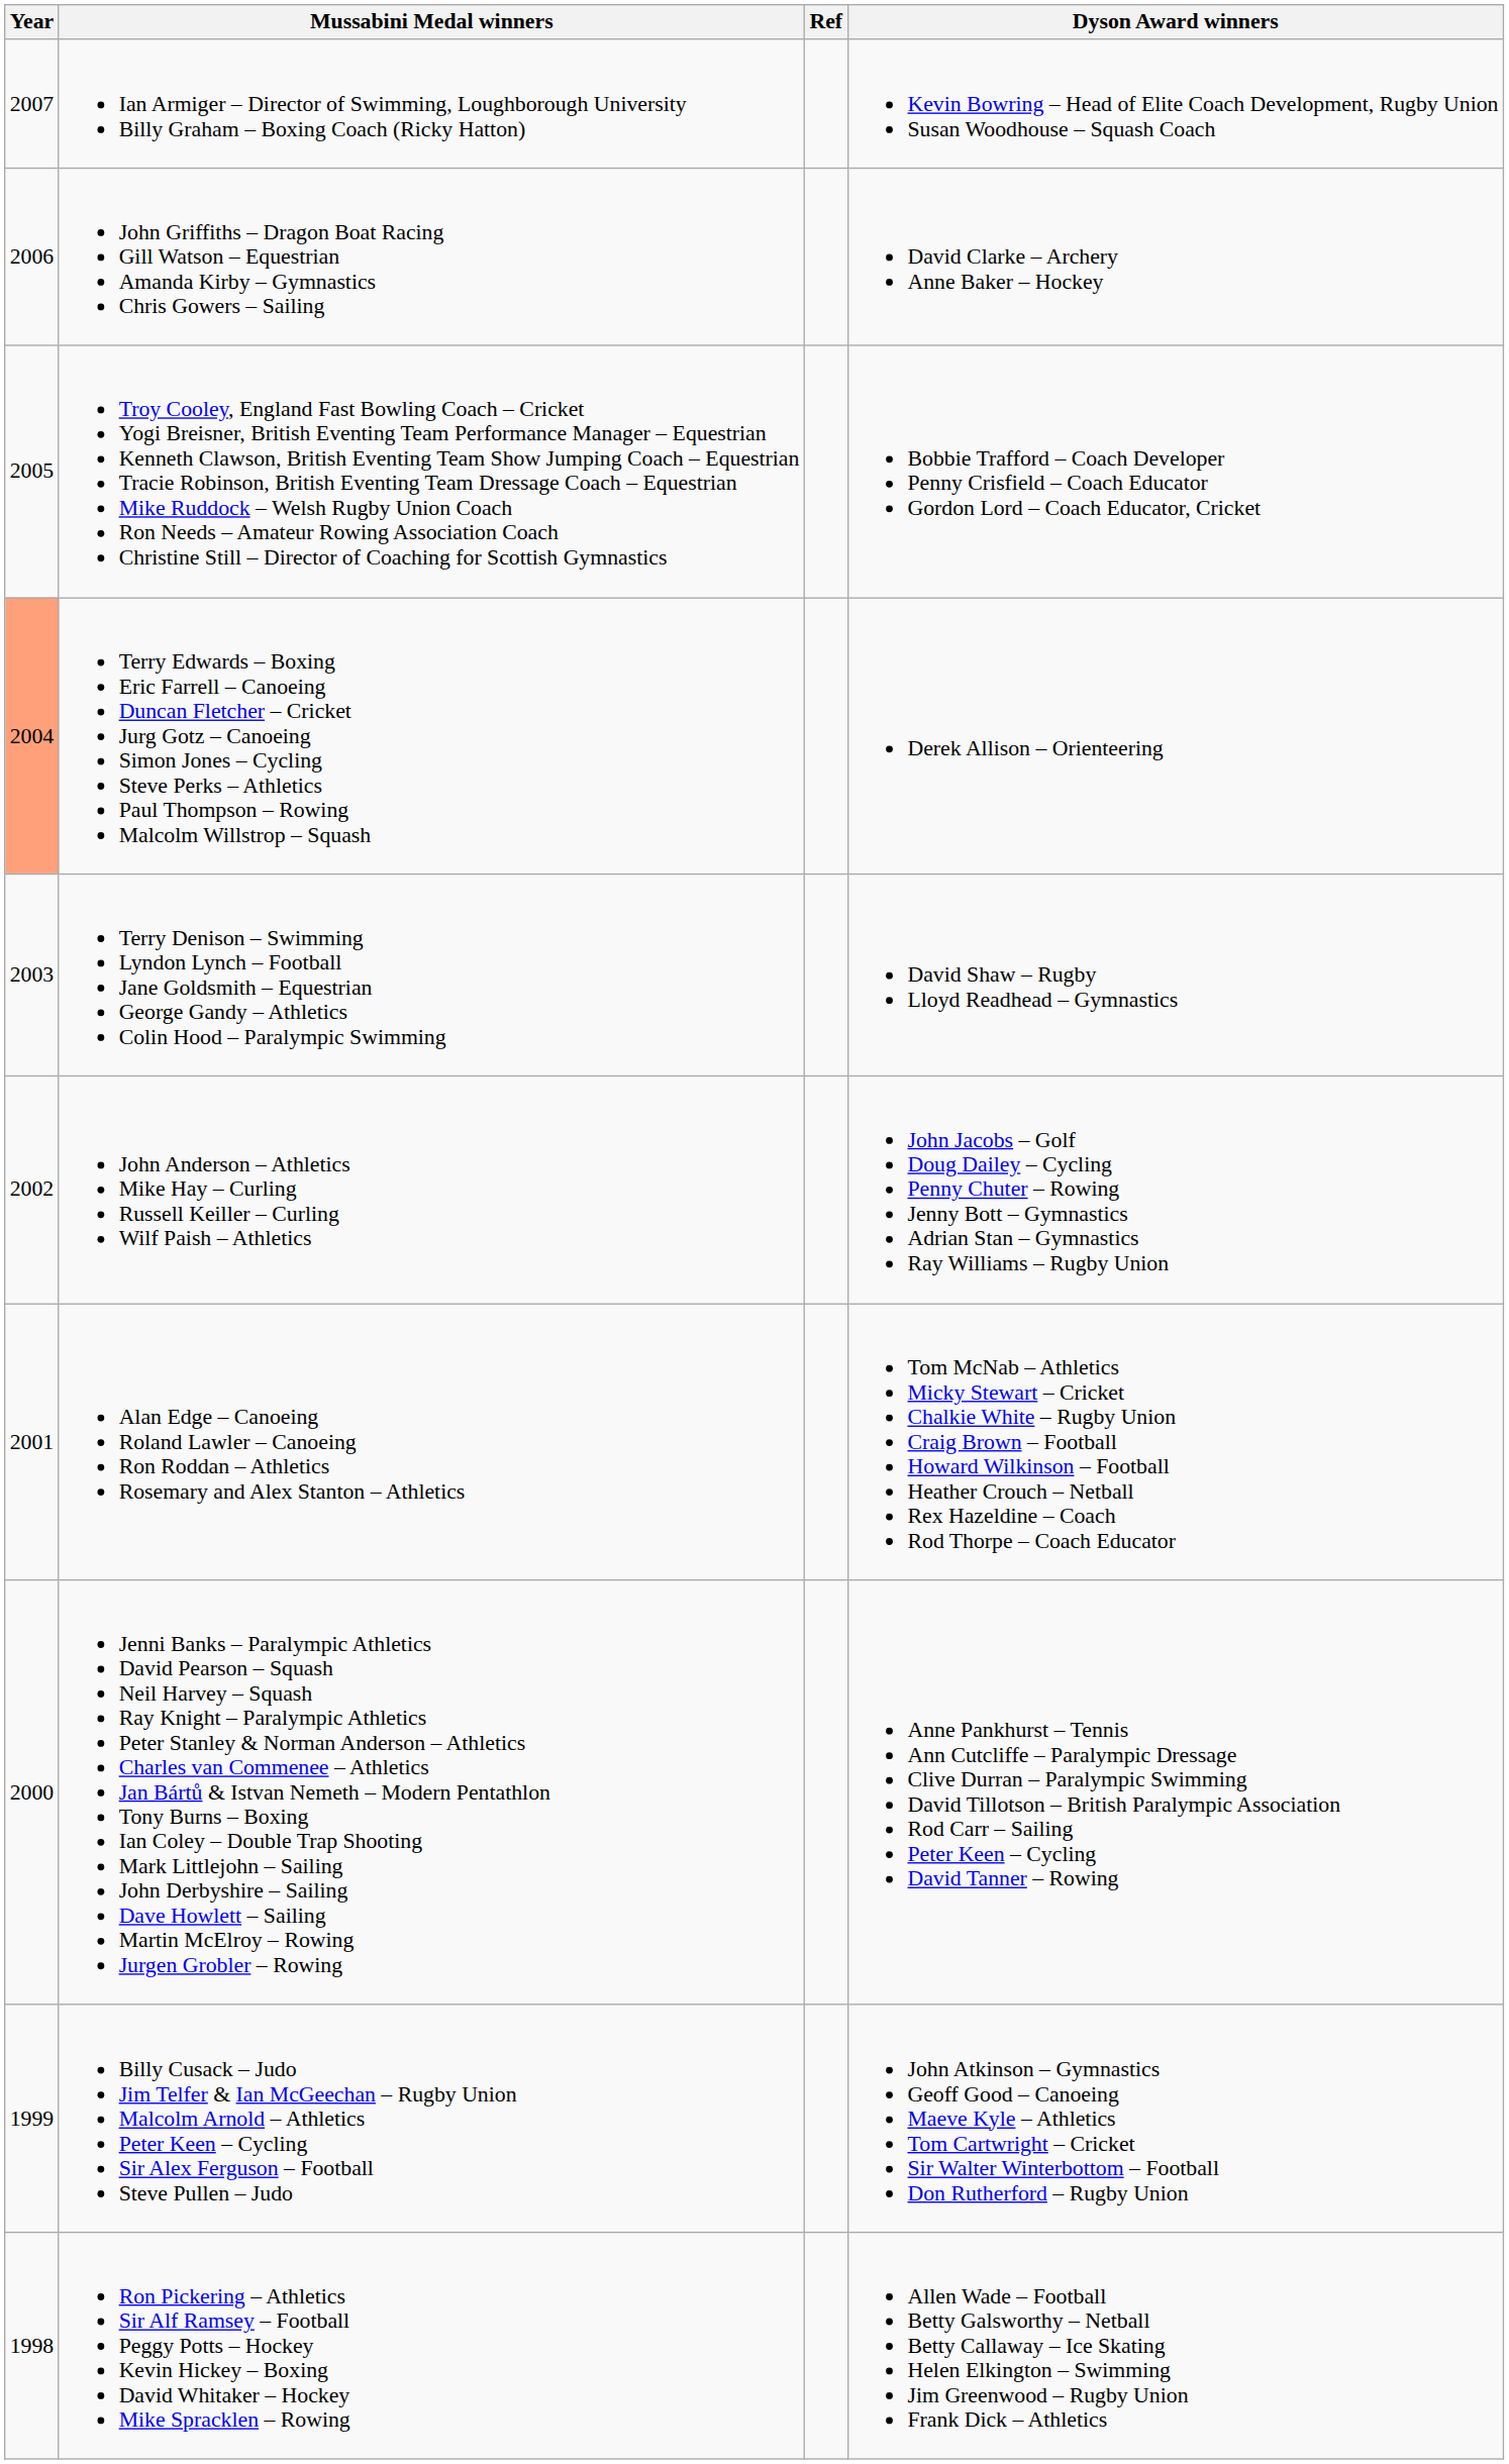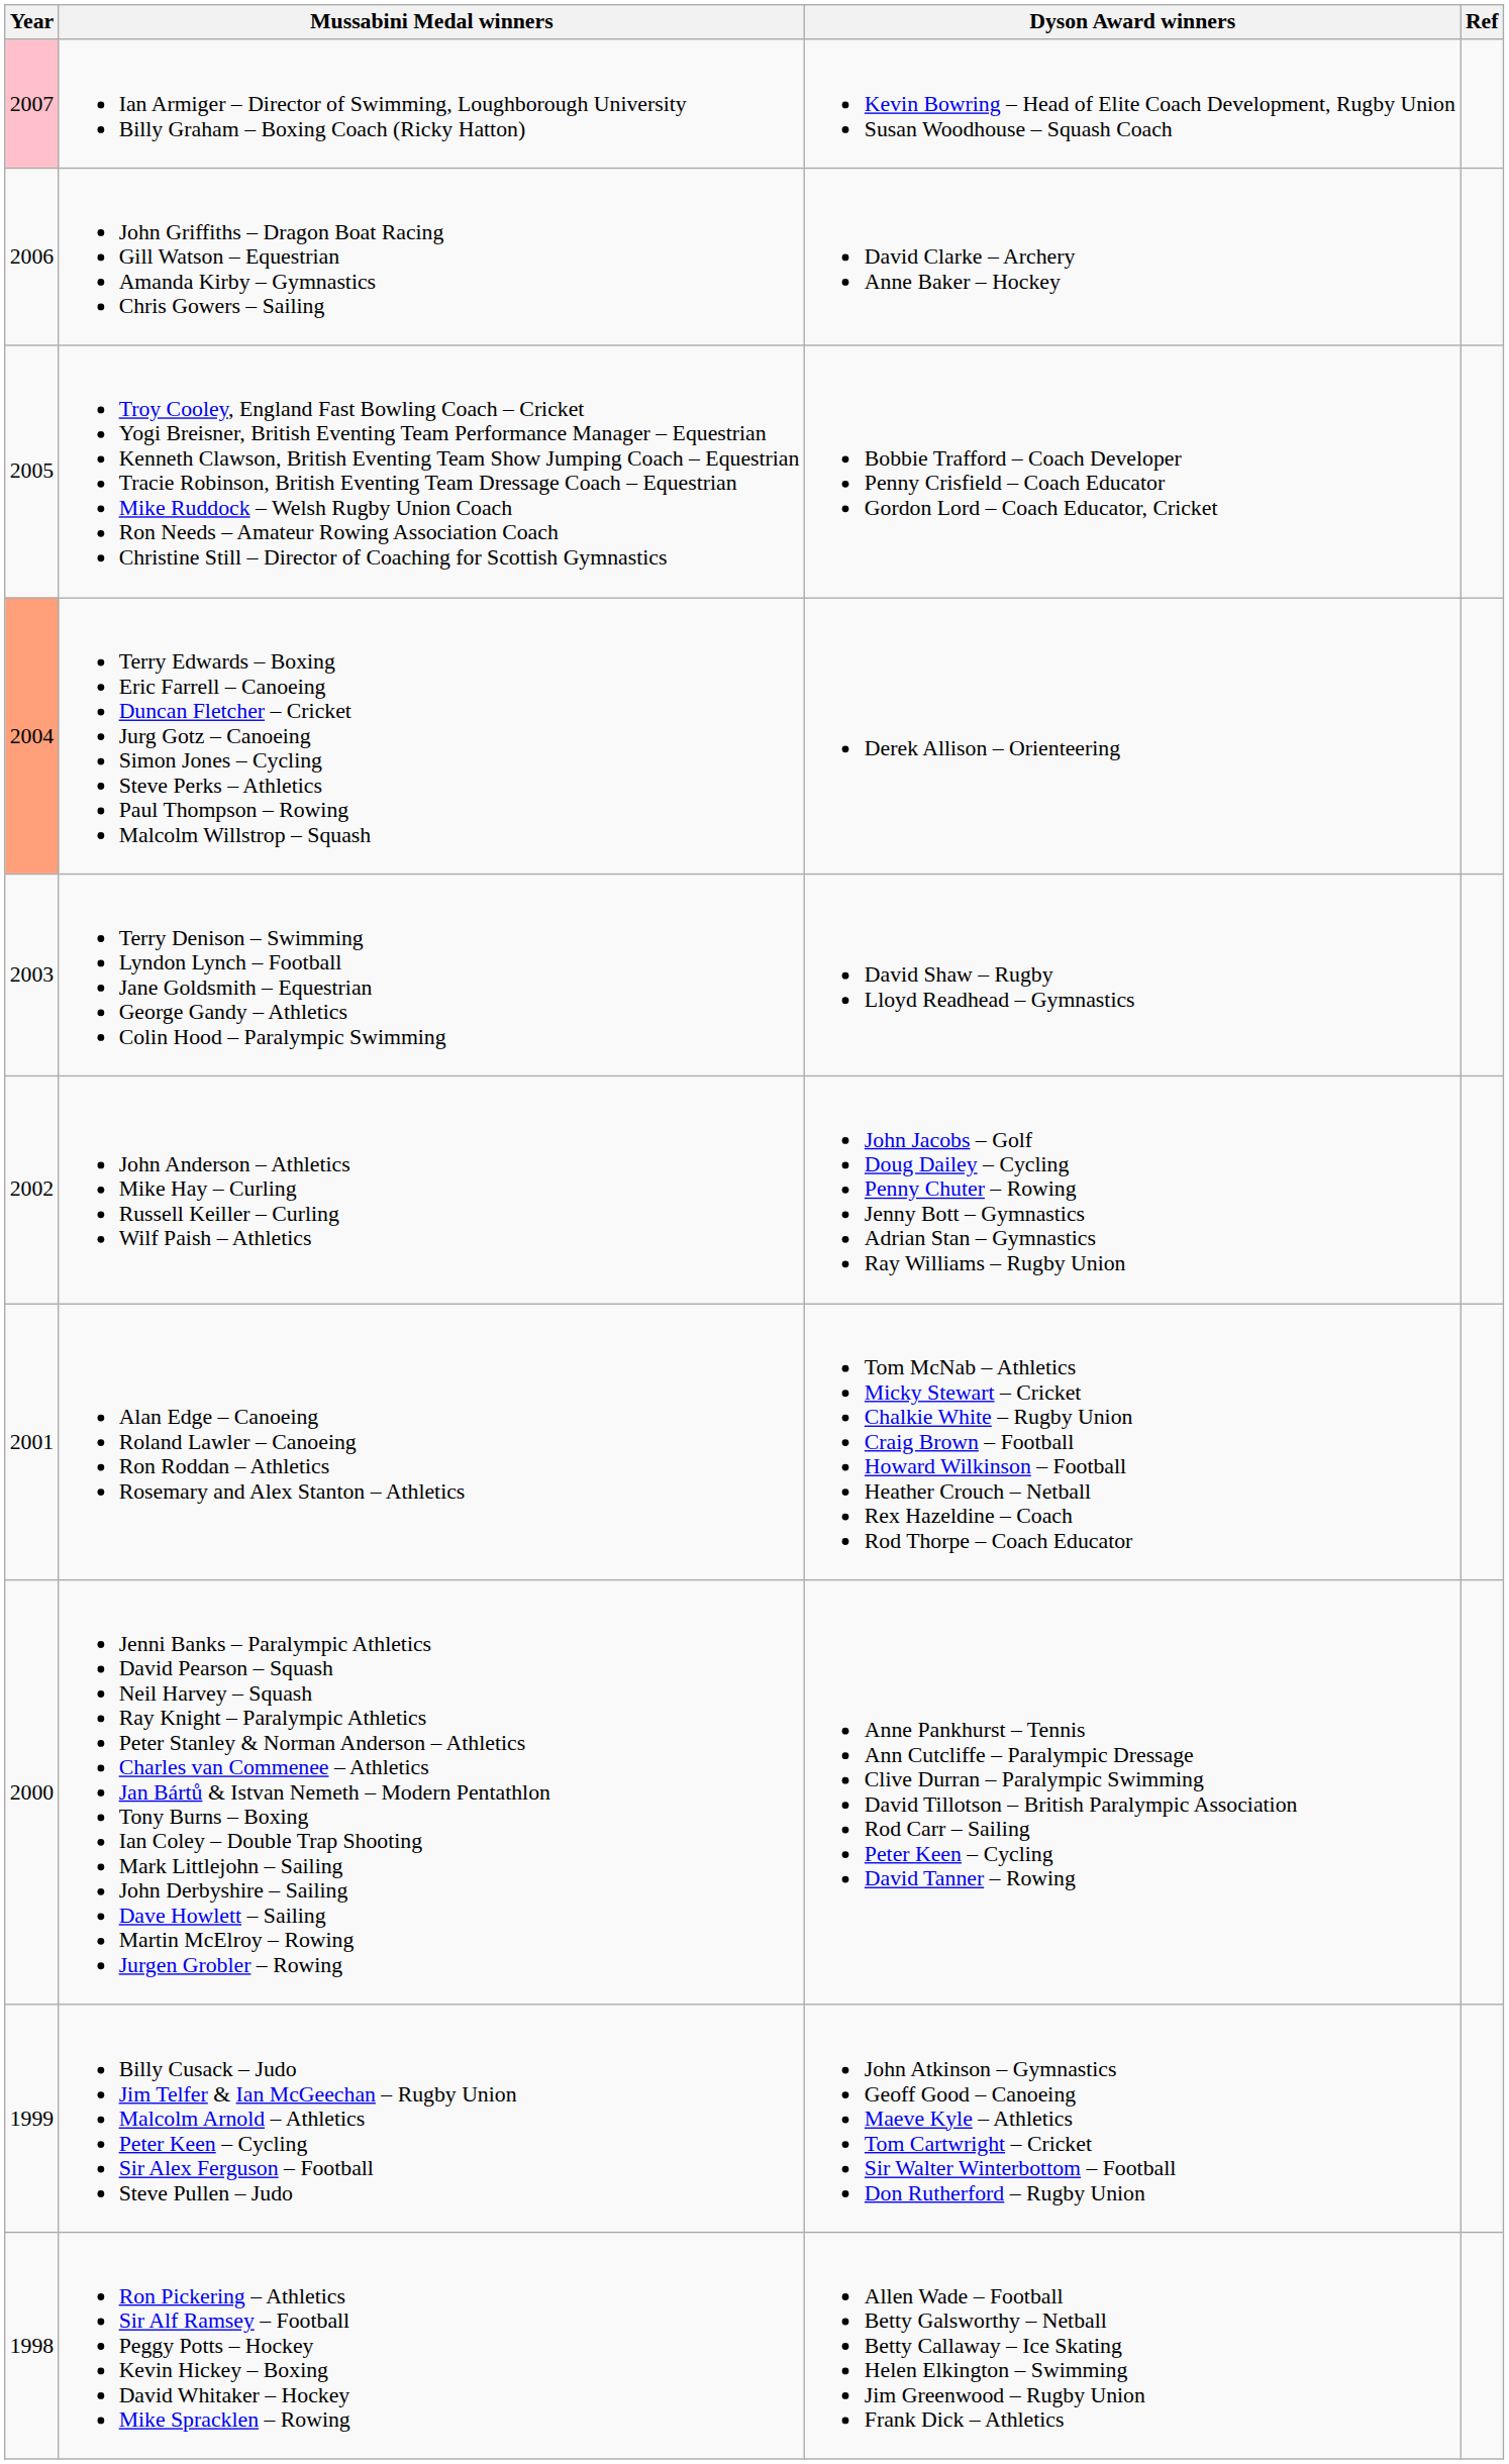 <table class="wikitable">
 <tr>
 <th>Year</th>
 <th>Mussabini Medal winners</th>
+<th>Dyson Award winners</th>
 <th>Ref</th>
-<th>Dyson Award winners</th>
 </tr>
 <tr>
-<td>2007</td>
+<td style="background: pink;">2007</td>
 <td><br><ul><li>Ian Armiger – Director of Swimming, Loughborough University</li><li>Billy Graham – Boxing Coach (Ricky Hatton)</li></ul></td>
+<td><br><ul><li><a href='#'>Kevin Bowring</a> – Head of Elite Coach Development, Rugby Union</li><li>Susan Woodhouse – Squash Coach</li></ul></td>
 <td></td>
-<td><br><ul><li><a href='#'>Kevin Bowring</a> – Head of Elite Coach Development, Rugby Union</li><li>Susan Woodhouse – Squash Coach</li></ul></td>
 </tr>
 <tr>
 <td>2006</td>
 <td><br><ul><li>John Griffiths – Dragon Boat Racing</li><li>Gill Watson – Equestrian</li><li>Amanda Kirby – Gymnastics</li><li>Chris Gowers – Sailing</li></ul></td>
+<td><br><ul><li>David Clarke – Archery</li><li>Anne Baker – Hockey</li></ul></td>
 <td></td>
-<td><br><ul><li>David Clarke – Archery</li><li>Anne Baker – Hockey</li></ul></td>
 </tr>
 <tr>
 <td>2005</td>
 <td><br><ul><li><a href='#'>Troy Cooley</a>, England Fast Bowling Coach – Cricket</li><li>Yogi Breisner, British Eventing Team Performance Manager – Equestrian</li><li>Kenneth Clawson, British Eventing Team Show Jumping Coach – Equestrian</li><li>Tracie Robinson, British Eventing Team Dressage Coach – Equestrian</li><li><a href='#'>Mike Ruddock</a> – Welsh Rugby Union Coach</li><li>Ron Needs – Amateur Rowing Association Coach</li><li>Christine Still – Director of Coaching for Scottish Gymnastics</li></ul></td>
+<td><br><ul><li>Bobbie Trafford – Coach Developer</li><li>Penny Crisfield – Coach Educator</li><li>Gordon Lord – Coach Educator, Cricket</li></ul></td>
 <td></td>
-<td><br><ul><li>Bobbie Trafford – Coach Developer</li><li>Penny Crisfield – Coach Educator</li><li>Gordon Lord – Coach Educator, Cricket</li></ul></td>
 </tr>
 <tr>
 <td style="background: lightsalmon;">2004</td>
 <td><br><ul><li>Terry Edwards – Boxing</li><li>Eric Farrell – Canoeing</li><li><a href='#'>Duncan Fletcher</a> – Cricket</li><li>Jurg Gotz – Canoeing</li><li>Simon Jones – Cycling</li><li>Steve Perks – Athletics</li><li>Paul Thompson – Rowing</li><li>Malcolm Willstrop – Squash</li></ul></td>
+<td><br><ul><li>Derek Allison – Orienteering</li></ul></td>
 <td></td>
-<td><br><ul><li>Derek Allison – Orienteering</li></ul></td>
 </tr>
 <tr>
 <td>2003</td>
 <td><br><ul><li>Terry Denison – Swimming</li><li>Lyndon Lynch – Football</li><li>Jane Goldsmith – Equestrian</li><li>George Gandy – Athletics</li><li>Colin Hood – Paralympic Swimming</li></ul></td>
+<td><br><ul><li>David Shaw – Rugby</li><li>Lloyd Readhead – Gymnastics</li></ul></td>
 <td></td>
-<td><br><ul><li>David Shaw – Rugby</li><li>Lloyd Readhead – Gymnastics</li></ul></td>
 </tr>
 <tr>
 <td>2002</td>
 <td><br><ul><li>John Anderson – Athletics</li><li>Mike Hay – Curling</li><li>Russell Keiller – Curling</li><li>Wilf Paish – Athletics</li></ul></td>
+<td><br><ul><li><a href='#'>John Jacobs</a> – Golf</li><li><a href='#'>Doug Dailey</a> – Cycling</li><li><a href='#'>Penny Chuter</a> – Rowing</li><li>Jenny Bott – Gymnastics</li><li>Adrian Stan – Gymnastics</li><li>Ray Williams – Rugby Union</li></ul></td>
 <td></td>
-<td><br><ul><li><a href='#'>John Jacobs</a> – Golf</li><li><a href='#'>Doug Dailey</a> – Cycling</li><li><a href='#'>Penny Chuter</a> – Rowing</li><li>Jenny Bott – Gymnastics</li><li>Adrian Stan – Gymnastics</li><li>Ray Williams – Rugby Union</li></ul></td>
 </tr>
 <tr>
 <td>2001</td>
 <td><br><ul><li>Alan Edge – Canoeing</li><li>Roland Lawler – Canoeing</li><li>Ron Roddan – Athletics</li><li>Rosemary and Alex Stanton – Athletics</li></ul></td>
+<td><br><ul><li>Tom McNab – Athletics</li><li><a href='#'>Micky Stewart</a> – Cricket</li><li><a href='#'>Chalkie White</a> – Rugby Union</li><li><a href='#'>Craig Brown</a> – Football</li><li><a href='#'>Howard Wilkinson</a> – Football</li><li>Heather Crouch – Netball</li><li>Rex Hazeldine – Coach</li><li>Rod Thorpe – Coach Educator</li></ul></td>
 <td></td>
-<td><br><ul><li>Tom McNab – Athletics</li><li><a href='#'>Micky Stewart</a> – Cricket</li><li><a href='#'>Chalkie White</a> – Rugby Union</li><li><a href='#'>Craig Brown</a> – Football</li><li><a href='#'>Howard Wilkinson</a> – Football</li><li>Heather Crouch – Netball</li><li>Rex Hazeldine – Coach</li><li>Rod Thorpe – Coach Educator</li></ul></td>
 </tr>
 <tr>
 <td>2000</td>
 <td><br><ul><li>Jenni Banks – Paralympic Athletics</li><li>David Pearson – Squash</li><li>Neil Harvey – Squash</li><li>Ray Knight – Paralympic Athletics</li><li>Peter Stanley & Norman Anderson – Athletics</li><li><a href='#'>Charles van Commenee</a> – Athletics</li><li><a href='#'>Jan Bártů</a> & Istvan Nemeth – Modern Pentathlon</li><li>Tony Burns – Boxing</li><li>Ian Coley – Double Trap Shooting</li><li>Mark Littlejohn – Sailing</li><li>John Derbyshire – Sailing</li><li><a href='#'>Dave Howlett</a> – Sailing</li><li>Martin McElroy – Rowing</li><li><a href='#'>Jurgen Grobler</a> – Rowing</li></ul></td>
+<td><br><ul><li>Anne Pankhurst – Tennis</li><li>Ann Cutcliffe – Paralympic Dressage</li><li>Clive Durran – Paralympic Swimming</li><li>David Tillotson – British Paralympic Association</li><li>Rod Carr – Sailing</li><li><a href='#'>Peter Keen</a> – Cycling</li><li><a href='#'>David Tanner</a> – Rowing</li></ul></td>
 <td></td>
-<td><br><ul><li>Anne Pankhurst – Tennis</li><li>Ann Cutcliffe – Paralympic Dressage</li><li>Clive Durran – Paralympic Swimming</li><li>David Tillotson – British Paralympic Association</li><li>Rod Carr – Sailing</li><li><a href='#'>Peter Keen</a> – Cycling</li><li><a href='#'>David Tanner</a> – Rowing</li></ul></td>
 </tr>
 <tr>
 <td>1999</td>
 <td><br><ul><li>Billy Cusack – Judo</li><li><a href='#'>Jim Telfer</a> & <a href='#'>Ian McGeechan</a> – Rugby Union</li><li><a href='#'>Malcolm Arnold</a> – Athletics</li><li><a href='#'>Peter Keen</a> – Cycling</li><li><a href='#'>Sir Alex Ferguson</a> – Football</li><li>Steve Pullen – Judo</li></ul></td>
+<td><br><ul><li>John Atkinson – Gymnastics</li><li>Geoff Good – Canoeing</li><li><a href='#'>Maeve Kyle</a> – Athletics</li><li><a href='#'>Tom Cartwright</a> – Cricket</li><li><a href='#'>Sir Walter Winterbottom</a> – Football</li><li><a href='#'>Don Rutherford</a> – Rugby Union</li></ul></td>
 <td></td>
-<td><br><ul><li>John Atkinson – Gymnastics</li><li>Geoff Good – Canoeing</li><li><a href='#'>Maeve Kyle</a> – Athletics</li><li><a href='#'>Tom Cartwright</a> – Cricket</li><li><a href='#'>Sir Walter Winterbottom</a> – Football</li><li><a href='#'>Don Rutherford</a> – Rugby Union</li></ul></td>
 </tr>
 <tr>
 <td>1998</td>
 <td><br><ul><li><a href='#'>Ron Pickering</a> – Athletics</li><li><a href='#'>Sir Alf Ramsey</a> – Football</li><li>Peggy Potts – Hockey</li><li>Kevin Hickey – Boxing</li><li>David Whitaker – Hockey</li><li><a href='#'>Mike Spracklen</a> – Rowing</li></ul></td>
+<td><br><ul><li>Allen Wade – Football</li><li>Betty Galsworthy – Netball</li><li>Betty Callaway – Ice Skating</li><li>Helen Elkington – Swimming</li><li>Jim Greenwood – Rugby Union</li><li>Frank Dick – Athletics</li></ul></td>
 <td></td>
-<td><br><ul><li>Allen Wade – Football</li><li>Betty Galsworthy – Netball</li><li>Betty Callaway – Ice Skating</li><li>Helen Elkington – Swimming</li><li>Jim Greenwood – Rugby Union</li><li>Frank Dick – Athletics</li></ul></td>
 </tr>
 </table>
